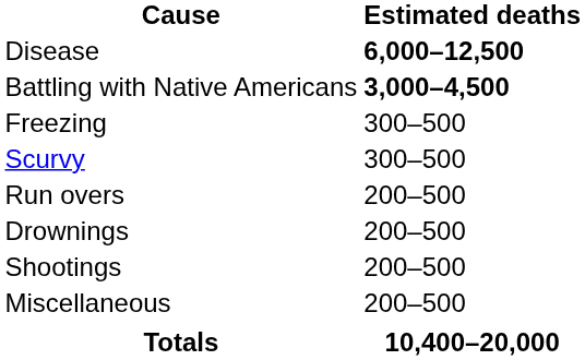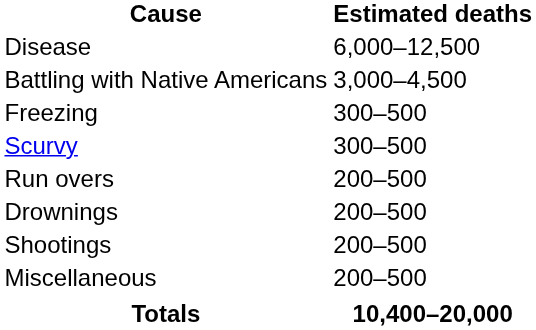 <table class=" wiki table float left">
 <tr>
 <th>Cause</th>
 <th>Estimated deaths</th>
 </tr>
 <tr>
 <td>Disease</td>
-<td><strong>6,000–12,500</strong></td>
+<td>6,000–12,500</td>
 </tr>
 <tr>
 <td>Battling with Native Americans</td>
-<td><strong>3,000–4,500</strong></td>
+<td>3,000–4,500</td>
 </tr>
 <tr>
 <td>Freezing</td>
 <td>300–500</td>
 </tr>
 <tr>
 <td><a href='#'>Scurvy</a></td>
 <td>300–500</td>
 </tr>
 <tr>
 <td>Run overs</td>
 <td>200–500</td>
 </tr>
 <tr>
 <td>Drownings</td>
 <td>200–500</td>
 </tr>
 <tr>
 <td>Shootings</td>
 <td>200–500</td>
 </tr>
 <tr>
 <td>Miscellaneous</td>
 <td>200–500</td>
 </tr>
 <tr>
 </tr>
 <tr>
 <th>Totals</th>
 <th>10,400–20,000</th>
 </tr>
 </table>
